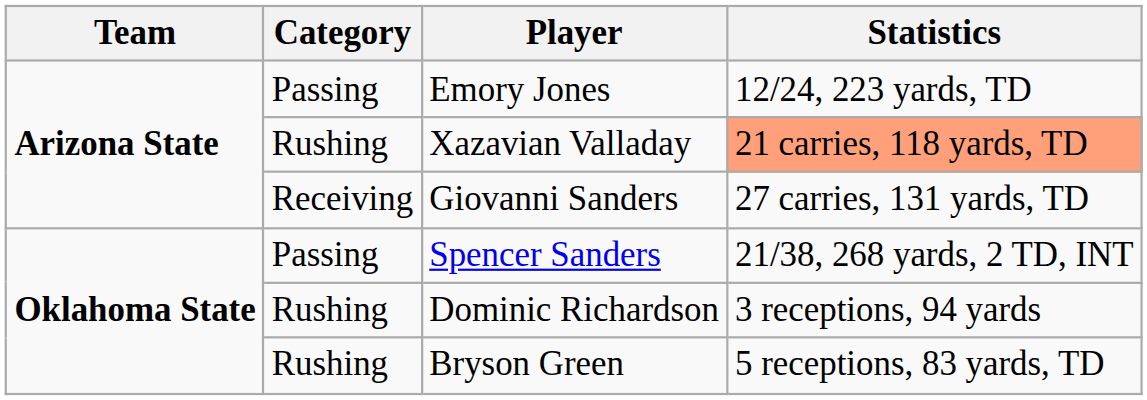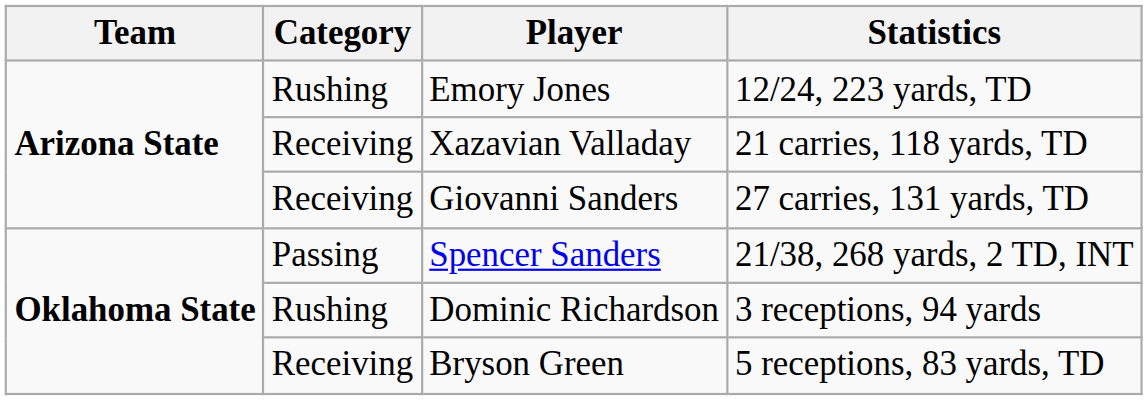 <table class="wikitable" style="float: right;">
 <tr>
 <th>Team</th>
 <th>Category</th>
 <th>Player</th>
 <th>Statistics</th>
 </tr>
 <tr>
 <td rowspan=3><strong>Arizona State</strong></td>
-<td>Passing</td>
+<td>Rushing</td>
 <td>Emory Jones</td>
 <td>12/24, 223 yards, TD</td>
 </tr>
 <tr>
-<td>Rushing</td>
+<td>Receiving</td>
 <td>Xazavian Valladay</td>
-<td style="background: lightsalmon;">21 carries, 118 yards, TD</td>
+<td>21 carries, 118 yards, TD</td>
 </tr>
 <tr>
 <td>Receiving</td>
 <td>Giovanni Sanders</td>
 <td>27 carries, 131 yards, TD</td>
 </tr>
 <tr>
 <td rowspan=3><strong>Oklahoma State</strong></td>
 <td>Passing</td>
 <td><a href='#'>Spencer Sanders</a></td>
 <td>21/38, 268 yards, 2 TD, INT</td>
 </tr>
 <tr>
 <td>Rushing</td>
 <td>Dominic Richardson</td>
 <td>3 receptions, 94 yards</td>
 </tr>
 <tr>
-<td>Rushing</td>
+<td>Receiving</td>
 <td>Bryson Green</td>
 <td>5 receptions, 83 yards, TD</td>
 </tr>
 </table>
